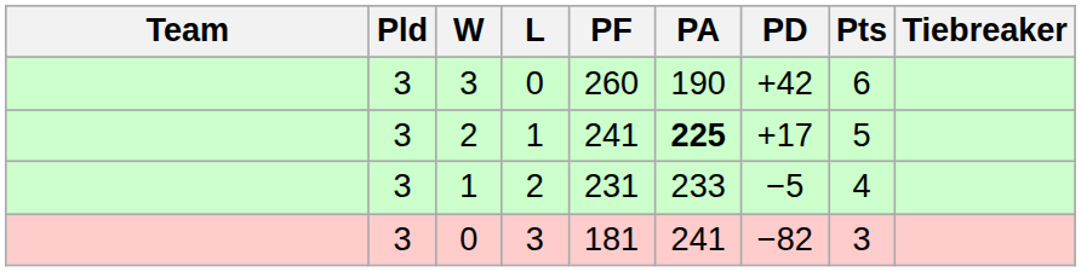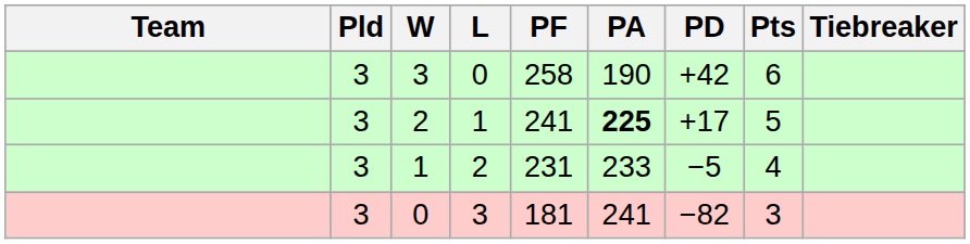 <table class="wikitable" style="text-align:center;">
 <tr>
 <th width=170>Team</th>
 <th width=25>Pld</th>
 <th width=25>W</th>
 <th width=25>L</th>
 <th width=35>PF</th>
 <th width=35>PA</th>
 <th width=35>PD</th>
 <th width=25>Pts</th>
 <th width=50>Tiebreaker</th>
 </tr>
 <tr bgcolor=#ccffcc>
 <td align="left"></td>
 <td>3</td>
 <td>3</td>
 <td>0</td>
-<td>260</td>
+<td>258</td>
 <td>190</td>
 <td>+42</td>
 <td>6</td>
 <td></td>
 </tr>
 <tr bgcolor=#ccffcc>
 <td align="left"></td>
 <td>3</td>
 <td>2</td>
 <td>1</td>
 <td>241</td>
 <td><strong>225</strong></td>
 <td>+17</td>
 <td>5</td>
 <td></td>
 </tr>
 <tr bgcolor=#ccffcc>
 <td align="left"></td>
 <td>3</td>
 <td>1</td>
 <td>2</td>
 <td>231</td>
 <td>233</td>
 <td>−5</td>
 <td>4</td>
 <td></td>
 </tr>
 <tr bgcolor=#ffcccc>
 <td align="left"></td>
 <td>3</td>
 <td>0</td>
 <td>3</td>
 <td>181</td>
 <td>241</td>
 <td>−82</td>
 <td>3</td>
 <td></td>
 </tr>
 </table>
